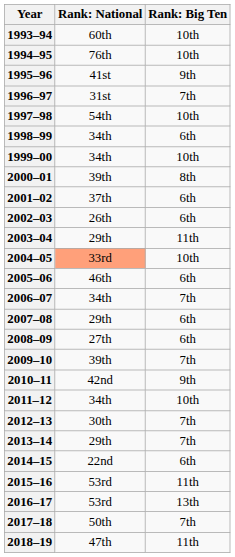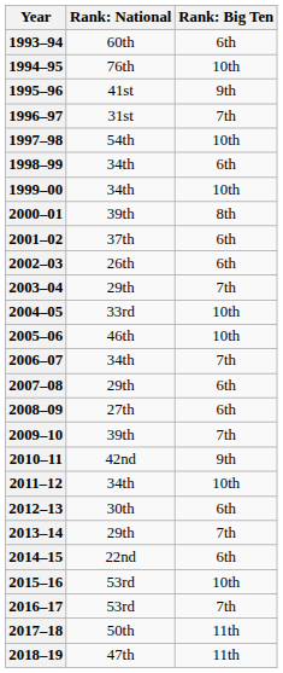 <table class="wikitable"; style= "text-align:center">
 <tr>
 <th width=px>Year</th>
 <th width=px>Rank: National</th>
 <th width=px>Rank: Big Ten</th>
 </tr>
 <tr>
 <th>1993–94</th>
 <td>60th</td>
-<td>10th</td>
+<td>6th</td>
 </tr>
 <tr>
 <th>1994–95</th>
 <td>76th</td>
 <td>10th</td>
 </tr>
 <tr>
 <th>1995–96</th>
 <td>41st</td>
 <td>9th</td>
 </tr>
 <tr>
 <th>1996–97</th>
 <td>31st</td>
 <td>7th</td>
 </tr>
 <tr>
 <th>1997–98</th>
 <td>54th</td>
 <td>10th</td>
 </tr>
 <tr>
 <th>1998–99</th>
 <td>34th</td>
 <td>6th</td>
 </tr>
 <tr>
 <th>1999–00</th>
 <td>34th</td>
 <td>10th</td>
 </tr>
 <tr>
 <th>2000–01</th>
 <td>39th</td>
 <td>8th</td>
 </tr>
 <tr>
 <th>2001–02</th>
 <td>37th</td>
 <td>6th</td>
 </tr>
 <tr>
 <th>2002–03</th>
 <td>26th</td>
 <td>6th</td>
 </tr>
 <tr>
 <th>2003–04</th>
 <td>29th</td>
-<td>11th</td>
+<td>7th</td>
 </tr>
 <tr>
 <th>2004–05</th>
-<td style="background: lightsalmon;">33rd</td>
+<td>33rd</td>
 <td>10th</td>
 </tr>
 <tr>
 <th>2005–06</th>
 <td>46th</td>
-<td>6th</td>
+<td>10th</td>
 </tr>
 <tr>
 <th>2006–07</th>
 <td>34th</td>
 <td>7th</td>
 </tr>
 <tr>
 <th>2007–08</th>
 <td>29th</td>
 <td>6th</td>
 </tr>
 <tr>
 <th>2008–09</th>
 <td>27th</td>
 <td>6th</td>
 </tr>
 <tr>
 <th>2009–10</th>
 <td>39th</td>
 <td>7th</td>
 </tr>
 <tr>
 <th>2010–11</th>
 <td>42nd</td>
 <td>9th</td>
 </tr>
 <tr>
 <th>2011–12</th>
 <td>34th</td>
 <td>10th</td>
 </tr>
 <tr>
 <th>2012–13</th>
 <td>30th</td>
-<td>7th</td>
+<td>6th</td>
 </tr>
 <tr>
 <th>2013–14</th>
 <td>29th</td>
 <td>7th</td>
 </tr>
 <tr>
 <th>2014–15</th>
 <td>22nd</td>
 <td>6th</td>
 </tr>
 <tr>
 <th>2015–16</th>
 <td>53rd</td>
-<td>11th</td>
+<td>10th</td>
 </tr>
 <tr>
 <th>2016–17</th>
 <td>53rd</td>
-<td>13th</td>
+<td>7th</td>
 </tr>
 <tr>
 <th>2017–18</th>
 <td>50th</td>
-<td>7th</td>
+<td>11th</td>
 </tr>
 <tr>
 <th>2018–19</th>
 <td>47th</td>
 <td>11th</td>
 </tr>
 </table>
